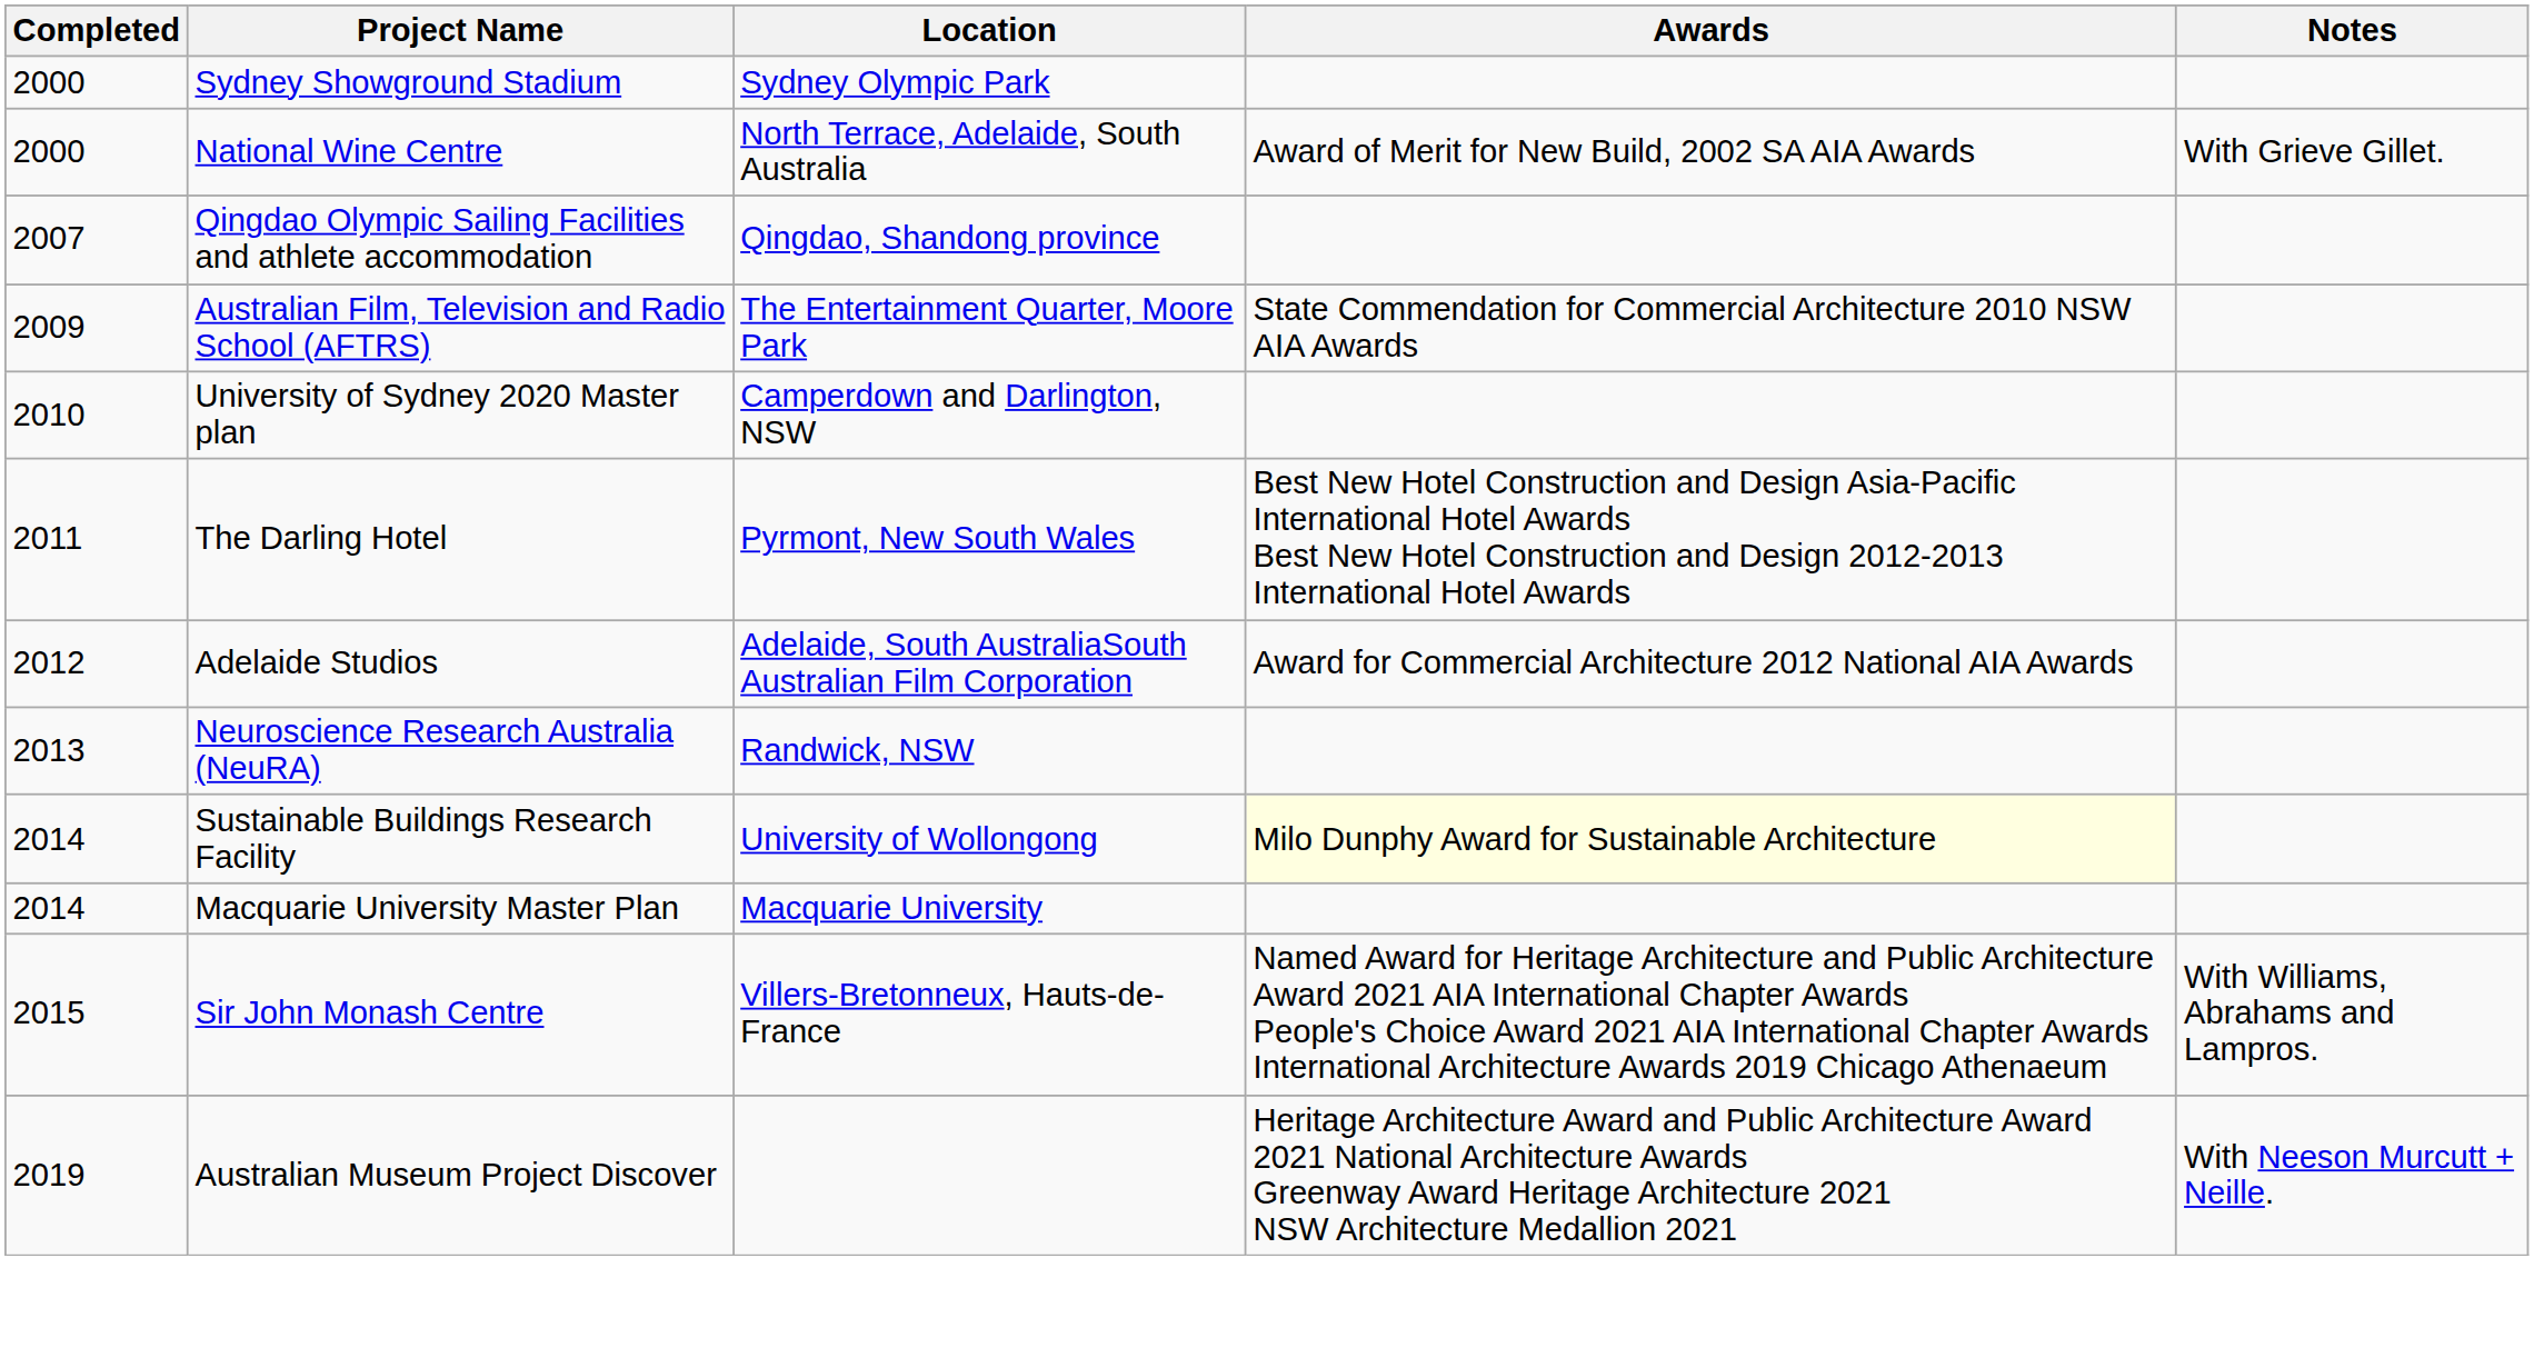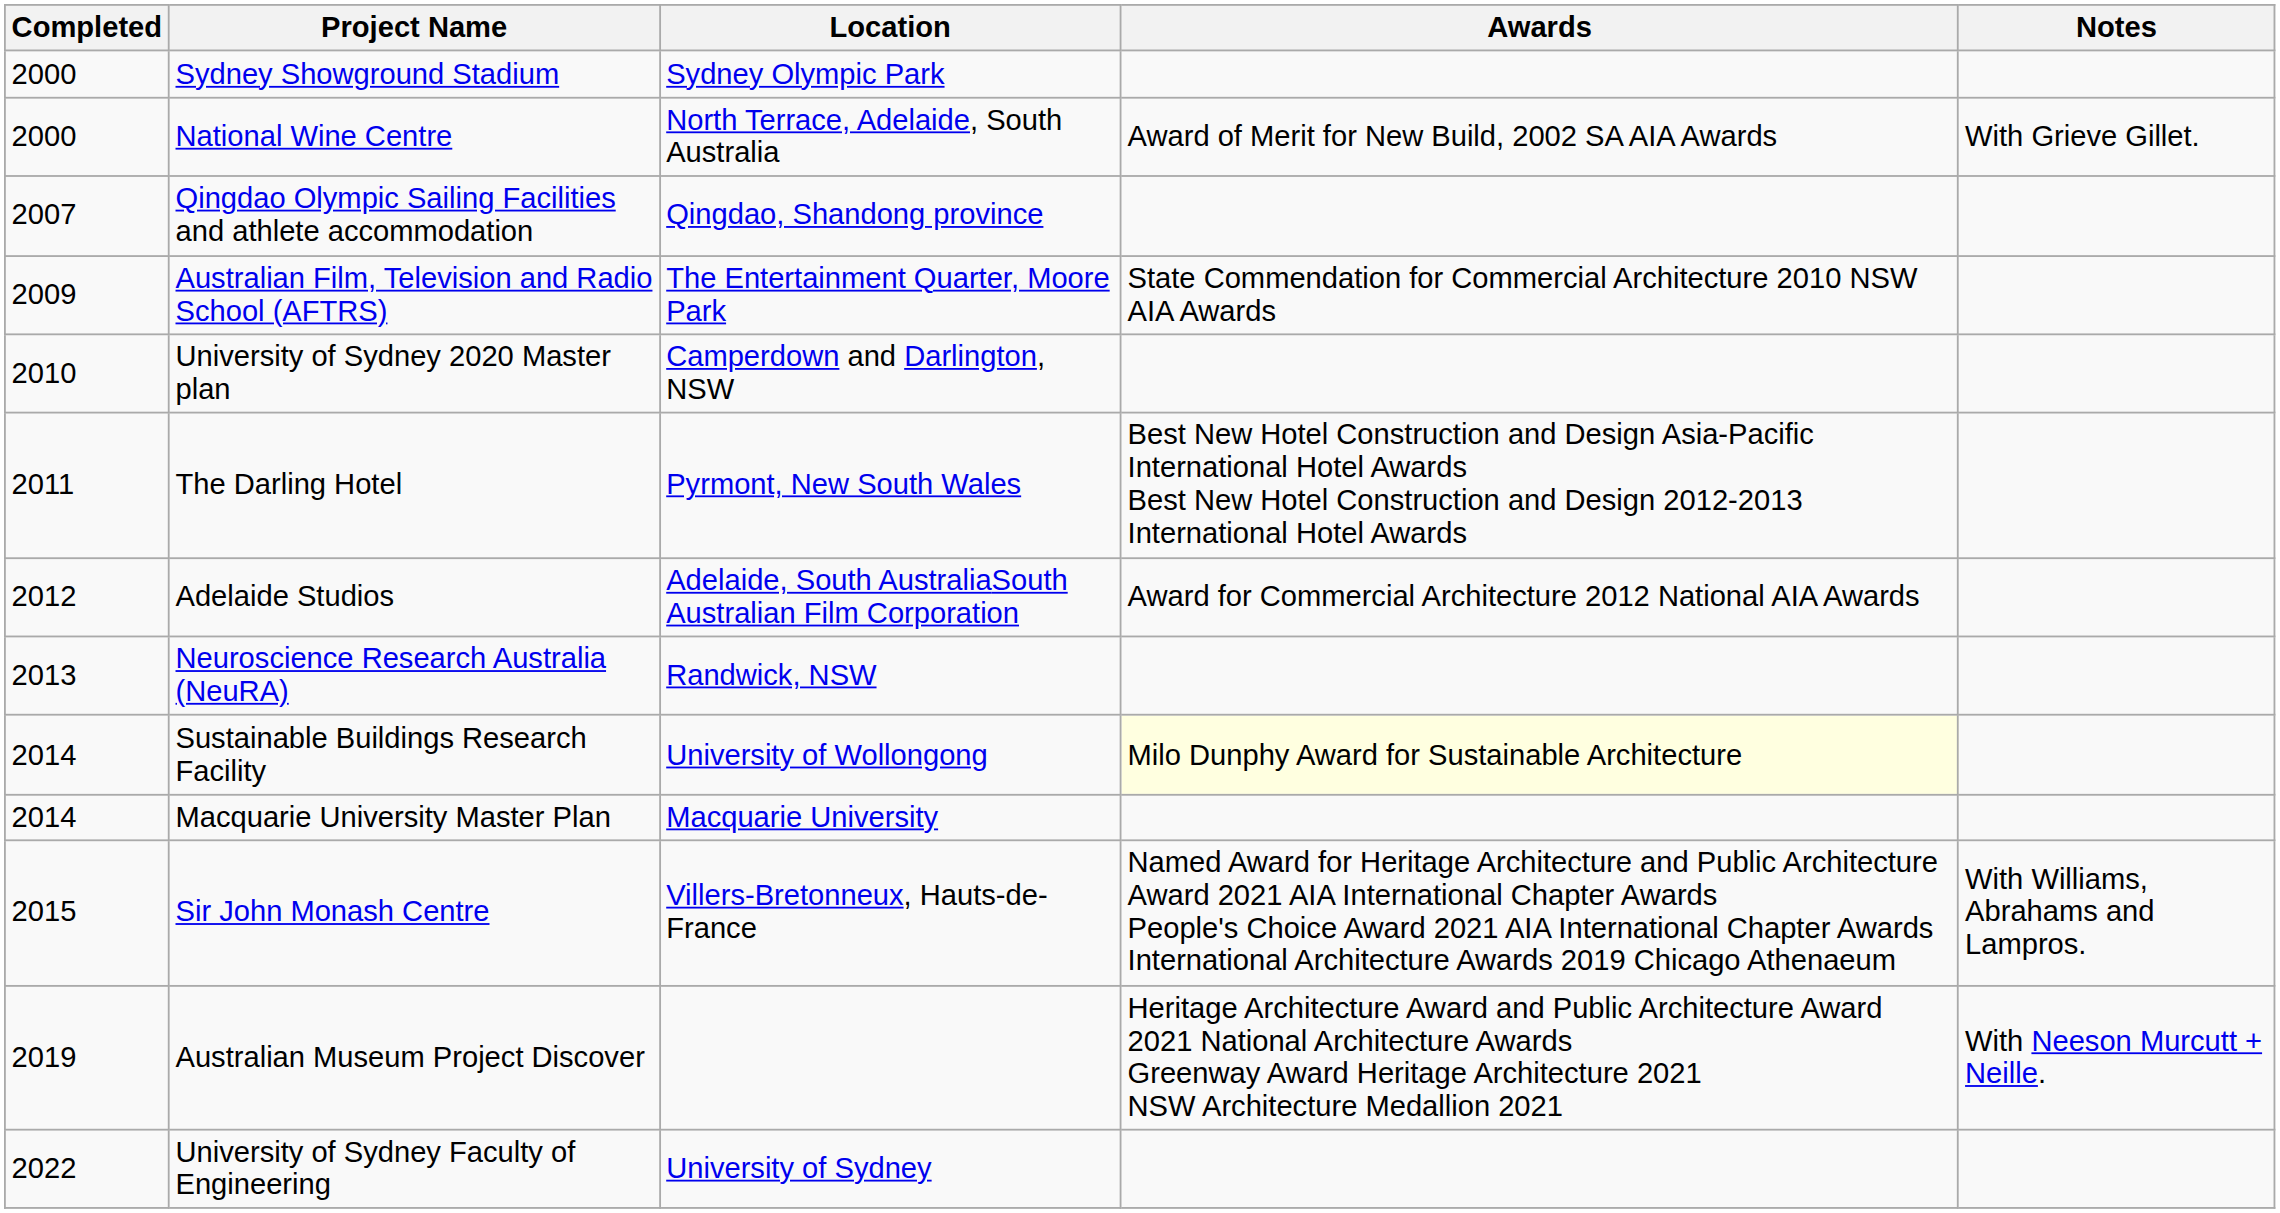 <table class="wikitable">
 <tr>
 <th>Completed</th>
 <th>Project Name</th>
 <th>Location</th>
 <th>Awards</th>
 <th>Notes</th>
 </tr>
 <tr>
 <td>2000</td>
 <td><a href='#'>Sydney Showground Stadium</a></td>
 <td><a href='#'>Sydney Olympic Park</a></td>
 <td></td>
 <td></td>
 </tr>
 <tr>
 <td>2000</td>
 <td><a href='#'>National Wine Centre</a></td>
 <td><a href='#'>North Terrace, Adelaide</a>, South Australia</td>
 <td>Award of Merit for New Build, 2002 SA AIA Awards</td>
 <td>With Grieve Gillet.</td>
 </tr>
 <tr>
 <td>2007</td>
 <td><a href='#'>Qingdao Olympic Sailing Facilities</a> and athlete accommodation</td>
 <td><a href='#'>Qingdao, Shandong province</a></td>
 <td></td>
 <td></td>
 </tr>
 <tr>
 <td>2009</td>
 <td><a href='#'>Australian Film, Television and Radio School (AFTRS)</a></td>
 <td><a href='#'>The Entertainment Quarter, Moore Park</a></td>
 <td>State Commendation for Commercial Architecture 2010 NSW AIA Awards</td>
 <td></td>
 </tr>
 <tr>
 <td>2010</td>
 <td>University of Sydney 2020 Master plan</td>
 <td><a href='#'>Camperdown</a> and <a href='#'>Darlington</a>, NSW</td>
 <td></td>
 <td></td>
 </tr>
 <tr>
 <td>2011</td>
 <td>The Darling Hotel</td>
 <td><a href='#'>Pyrmont, New South Wales</a></td>
 <td>Best New Hotel Construction and Design Asia-Pacific International Hotel Awards<br>Best New Hotel Construction and Design 2012-2013 International Hotel Awards</td>
 <td></td>
 </tr>
 <tr>
 <td>2012</td>
 <td>Adelaide Studios</td>
 <td><a href='#'>Adelaide, South Australia</a><a href='#'>South Australian Film Corporation</a></td>
 <td>Award for Commercial Architecture 2012 National AIA Awards</td>
 <td></td>
 </tr>
 <tr>
 <td>2013</td>
 <td><a href='#'>Neuroscience Research Australia (NeuRA)</a></td>
 <td><a href='#'>Randwick, NSW</a></td>
 <td></td>
 <td></td>
 </tr>
 <tr>
 <td>2014</td>
 <td>Sustainable Buildings Research Facility</td>
 <td><a href='#'>University of Wollongong</a></td>
 <td style="background: lightyellow;">Milo Dunphy Award for Sustainable Architecture</td>
 <td></td>
 </tr>
 <tr>
 <td>2014</td>
 <td>Macquarie University Master Plan</td>
 <td><a href='#'>Macquarie University</a></td>
 <td></td>
 <td></td>
 </tr>
 <tr>
 <td>2015</td>
 <td><a href='#'>Sir John Monash Centre</a></td>
 <td><a href='#'>Villers-Bretonneux</a>, Hauts-de-France</td>
 <td>Named Award for Heritage Architecture and Public Architecture Award 2021 AIA International Chapter Awards<br>People's Choice Award 2021 AIA International Chapter Awards International Architecture Awards 2019 Chicago Athenaeum</td>
 <td>With Williams, Abrahams and Lampros.</td>
 </tr>
 <tr>
 <td>2019</td>
 <td>Australian Museum Project Discover</td>
 <td></td>
 <td>Heritage Architecture Award and Public Architecture Award 2021 National Architecture Awards<br>Greenway Award Heritage Architecture 2021<br>NSW Architecture Medallion 2021</td>
 <td>With <a href='#'>Neeson Murcutt + Neille</a>.</td>
 </tr>
+<tr>
+<td>2022</td>
+<td>University of Sydney Faculty of Engineering</td>
+<td><a href='#'>University of Sydney</a></td>
+<td></td>
+<td></td>
+</tr>
 </table>
